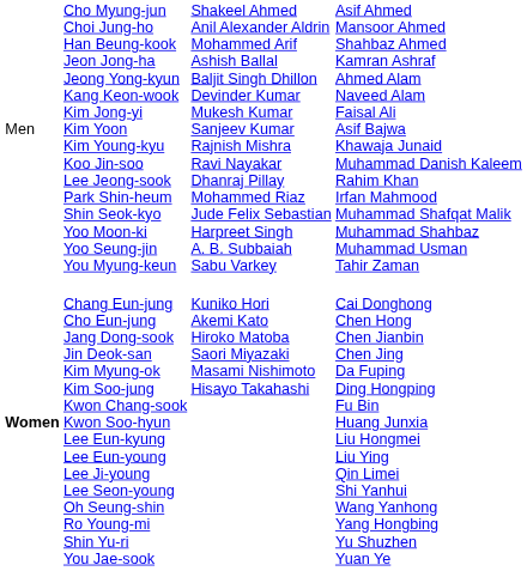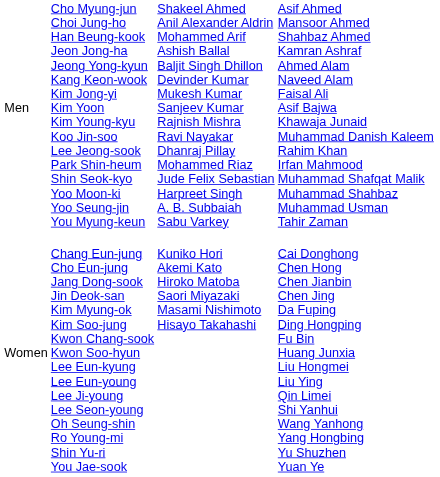 <table>
 <tr>
 <td>Men<br></td>
 <td><br><a href='#'>Cho Myung-jun</a><br><a href='#'>Choi Jung-ho</a><br><a href='#'>Han Beung-kook</a><br><a href='#'>Jeon Jong-ha</a><br><a href='#'>Jeong Yong-kyun</a><br><a href='#'>Kang Keon-wook</a><br><a href='#'>Kim Jong-yi</a><br><a href='#'>Kim Yoon</a><br><a href='#'>Kim Young-kyu</a><br><a href='#'>Koo Jin-soo</a><br><a href='#'>Lee Jeong-sook</a><br><a href='#'>Park Shin-heum</a><br><a href='#'>Shin Seok-kyo</a><br><a href='#'>Yoo Moon-ki</a><br><a href='#'>Yoo Seung-jin</a><br><a href='#'>You Myung-keun</a></td>
 <td><br><a href='#'>Shakeel Ahmed</a><br><a href='#'>Anil Alexander Aldrin</a><br><a href='#'>Mohammed Arif</a><br><a href='#'>Ashish Ballal</a><br><a href='#'>Baljit Singh Dhillon</a><br><a href='#'>Devinder Kumar</a><br><a href='#'>Mukesh Kumar</a><br><a href='#'>Sanjeev Kumar</a><br><a href='#'>Rajnish Mishra</a><br><a href='#'>Ravi Nayakar</a><br><a href='#'>Dhanraj Pillay</a><br><a href='#'>Mohammed Riaz</a><br><a href='#'>Jude Felix Sebastian</a><br><a href='#'>Harpreet Singh</a><br><a href='#'>A. B. Subbaiah</a><br><a href='#'>Sabu Varkey</a></td>
 <td><br><a href='#'>Asif Ahmed</a><br><a href='#'>Mansoor Ahmed</a><br><a href='#'>Shahbaz Ahmed</a><br><a href='#'>Kamran Ashraf</a><br><a href='#'>Ahmed Alam</a><br><a href='#'>Naveed Alam</a><br><a href='#'>Faisal Ali</a><br><a href='#'>Asif Bajwa</a><br><a href='#'>Khawaja Junaid</a><br><a href='#'>Muhammad Danish Kaleem</a><br><a href='#'>Rahim Khan</a><br><a href='#'>Irfan Mahmood</a><br><a href='#'>Muhammad Shafqat Malik</a><br><a href='#'>Muhammad Shahbaz</a><br><a href='#'>Muhammad Usman</a><br><a href='#'>Tahir Zaman</a></td>
 </tr>
 <tr>
-<td><strong>Women<br></strong></td>
+<td>Women<br></td>
 <td><br><a href='#'>Chang Eun-jung</a><br><a href='#'>Cho Eun-jung</a><br><a href='#'>Jang Dong-sook</a><br><a href='#'>Jin Deok-san</a><br><a href='#'>Kim Myung-ok</a><br><a href='#'>Kim Soo-jung</a><br><a href='#'>Kwon Chang-sook</a><br><a href='#'>Kwon Soo-hyun</a><br><a href='#'>Lee Eun-kyung</a><br><a href='#'>Lee Eun-young</a><br><a href='#'>Lee Ji-young</a><br><a href='#'>Lee Seon-young</a><br><a href='#'>Oh Seung-shin</a><br><a href='#'>Ro Young-mi</a><br><a href='#'>Shin Yu-ri</a><br><a href='#'>You Jae-sook</a></td>
 <td valign=top><br><a href='#'>Kuniko Hori</a><br><a href='#'>Akemi Kato</a><br><a href='#'>Hiroko Matoba</a><br><a href='#'>Saori Miyazaki</a><br><a href='#'>Masami Nishimoto</a><br><a href='#'>Hisayo Takahashi</a></td>
 <td><br><a href='#'>Cai Donghong</a><br><a href='#'>Chen Hong</a><br><a href='#'>Chen Jianbin</a><br><a href='#'>Chen Jing</a><br><a href='#'>Da Fuping</a><br><a href='#'>Ding Hongping</a><br><a href='#'>Fu Bin</a><br><a href='#'>Huang Junxia</a><br><a href='#'>Liu Hongmei</a><br><a href='#'>Liu Ying</a><br><a href='#'>Qin Limei</a><br><a href='#'>Shi Yanhui</a><br><a href='#'>Wang Yanhong</a><br><a href='#'>Yang Hongbing</a><br><a href='#'>Yu Shuzhen</a><br><a href='#'>Yuan Ye</a></td>
 </tr>
 </table>
